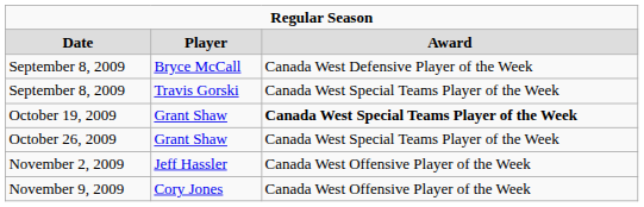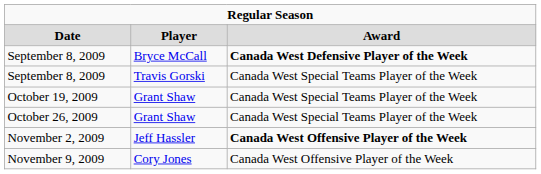 <table class="wikitable" width="52%">
 <tr>
 <td colspan="10" align="center"><strong>Regular Season</strong></td>
 </tr>
 <tr align="center"  bgcolor="#dddddd">
 <td><strong>Date</strong></td>
 <td><strong>Player</strong></td>
 <td><strong>Award</strong></td>
 </tr>
 <tr>
 <td>September 8, 2009</td>
 <td><a href='#'>Bryce McCall</a></td>
-<td>Canada West Defensive Player of the Week</td>
+<td><strong>Canada West Defensive Player of the Week</strong></td>
 </tr>
 <tr>
 <td>September 8, 2009</td>
 <td><a href='#'>Travis Gorski</a></td>
 <td>Canada West Special Teams Player of the Week</td>
 </tr>
 <tr>
 <td>October 19, 2009</td>
 <td><a href='#'>Grant Shaw</a></td>
-<td><strong>Canada West Special Teams Player of the Week</strong></td>
+<td>Canada West Special Teams Player of the Week</td>
 </tr>
 <tr>
 <td>October 26, 2009</td>
 <td><a href='#'>Grant Shaw</a></td>
 <td>Canada West Special Teams Player of the Week</td>
 </tr>
 <tr>
 <td>November 2, 2009</td>
 <td><a href='#'>Jeff Hassler</a></td>
-<td>Canada West Offensive Player of the Week</td>
+<td><strong>Canada West Offensive Player of the Week</strong></td>
 </tr>
 <tr>
 <td>November 9, 2009</td>
 <td><a href='#'>Cory Jones</a></td>
 <td>Canada West Offensive Player of the Week</td>
 </tr>
 </table>
